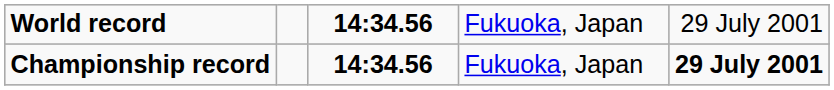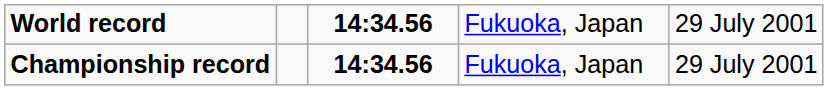 <table class="wikitable">
 <tr>
 <td><strong>World record</strong></td>
 <td style="padding-right:1em"></td>
 <td style="text-align:center;padding-left:1em; padding-right:1em;"><strong>14:34.56</strong></td>
 <td style="padding-right:1em"><a href='#'>Fukuoka</a>, Japan</td>
 <td align=right>29 July 2001</td>
 </tr>
 <tr>
 <td><strong>Championship record</strong></td>
 <td style="padding-right:1em"></td>
 <td style="text-align:center;padding-left:1em; padding-right:1em;"><strong>14:34.56</strong></td>
 <td style="padding-right:1em"><a href='#'>Fukuoka</a>, Japan</td>
-<td align=right><strong>29 July 2001</strong></td>
+<td align=right>29 July 2001</td>
 </tr>
 </table>
